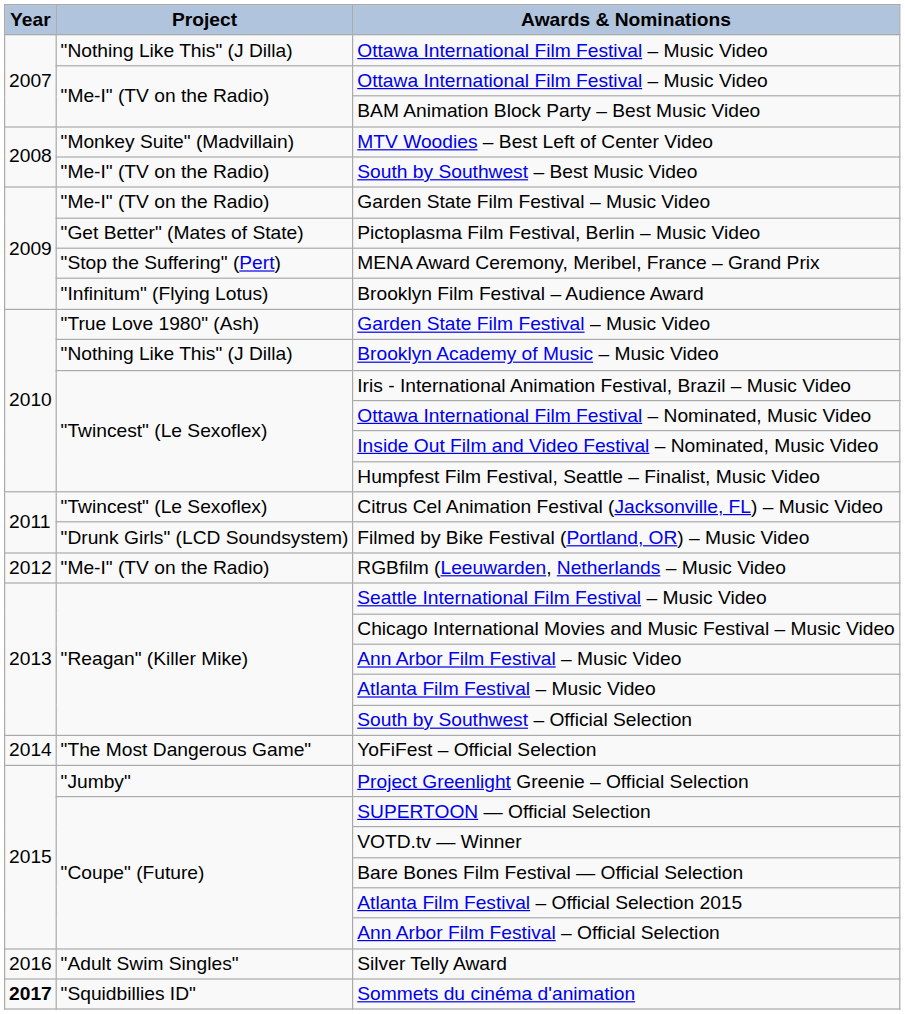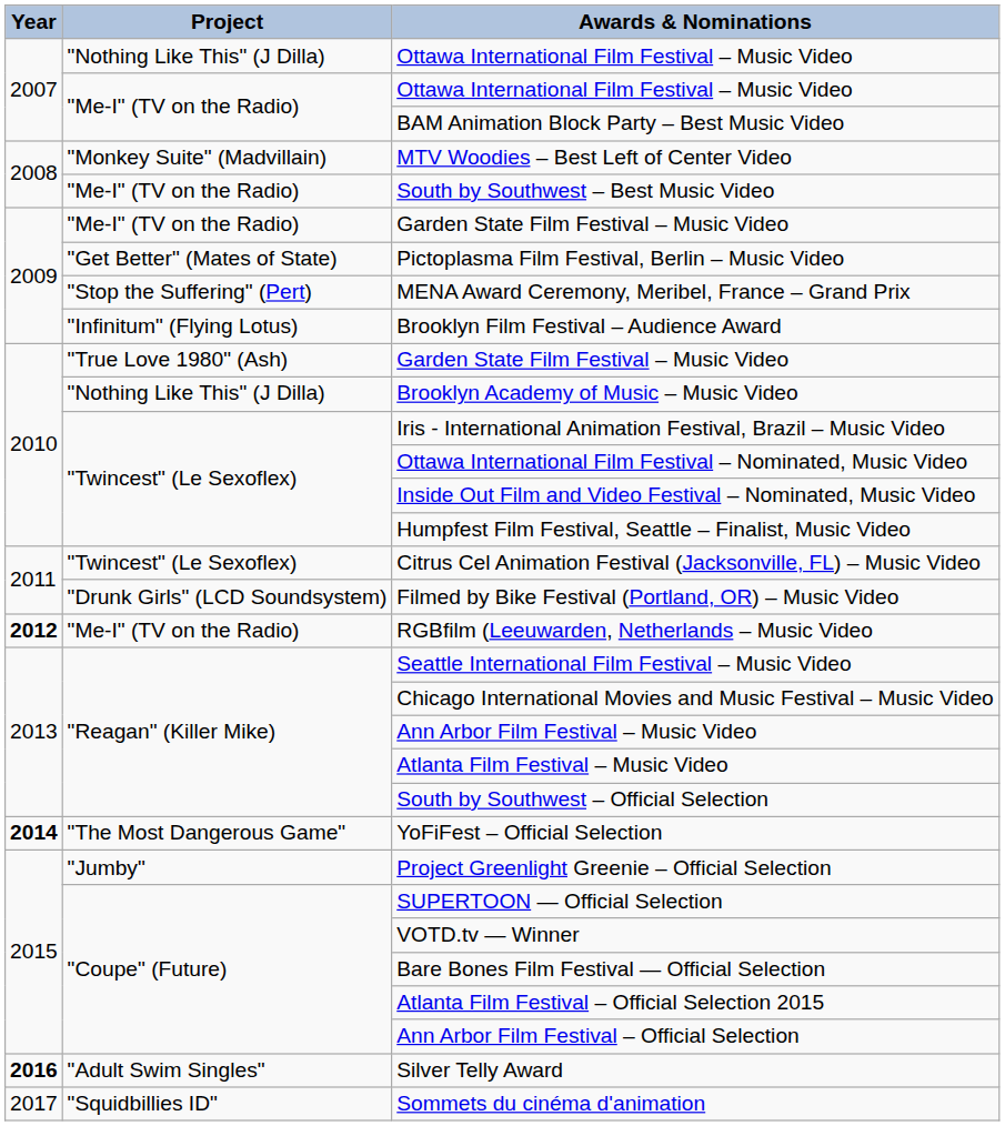 <table class="wikitable">
 <tr>
 <th style="background:#B0C4DE;">Year</th>
 <th style="background:#B0C4DE;">Project</th>
 <th style="background:#B0C4DE;">Awards & Nominations</th>
 </tr>
 <tr>
 <td rowspan="3">2007</td>
 <td>"Nothing Like This" (J Dilla)</td>
 <td><a href='#'>Ottawa International Film Festival</a> – Music Video</td>
 </tr>
 <tr>
 <td rowspan="2">"Me-I" (TV on the Radio)</td>
 <td><a href='#'>Ottawa International Film Festival</a> – Music Video</td>
 </tr>
 <tr>
 <td>BAM Animation Block Party – Best Music Video</td>
 </tr>
 <tr>
 <td rowspan="2">2008</td>
 <td>"Monkey Suite" (Madvillain)</td>
 <td><a href='#'>MTV Woodies</a> – Best Left of Center Video</td>
 </tr>
 <tr>
 <td>"Me-I" (TV on the Radio)</td>
 <td><a href='#'>South by Southwest</a> – Best Music Video</td>
 </tr>
 <tr>
 <td rowspan="4">2009</td>
 <td>"Me-I" (TV on the Radio)</td>
 <td>Garden State Film Festival – Music Video</td>
 </tr>
 <tr>
 <td>"Get Better" (Mates of State)</td>
 <td>Pictoplasma Film Festival, Berlin – Music Video</td>
 </tr>
 <tr>
 <td>"Stop the Suffering" (<a href='#'>Pert</a>) </td>
 <td>MENA Award Ceremony, Meribel, France – Grand Prix</td>
 </tr>
 <tr>
 <td>"Infinitum" (Flying Lotus)</td>
 <td>Brooklyn Film Festival – Audience Award</td>
 </tr>
 <tr>
 <td rowspan="6">2010</td>
 <td>"True Love 1980" (Ash)</td>
 <td><a href='#'>Garden State Film Festival</a> – Music Video</td>
 </tr>
 <tr>
 <td>"Nothing Like This" (J Dilla)</td>
 <td><a href='#'>Brooklyn Academy of Music</a> – Music Video</td>
 </tr>
 <tr>
 <td rowspan="4">"Twincest" (Le Sexoflex)</td>
 <td>Iris - International Animation Festival, Brazil – Music Video</td>
 </tr>
 <tr>
 <td><a href='#'>Ottawa International Film Festival</a>  – Nominated, Music Video</td>
 </tr>
 <tr>
 <td><a href='#'>Inside Out Film and Video Festival</a> – Nominated, Music Video</td>
 </tr>
 <tr>
 <td>Humpfest Film Festival, Seattle – Finalist, Music Video</td>
 </tr>
 <tr>
 <td rowspan="2">2011</td>
 <td>"Twincest" (Le Sexoflex)</td>
 <td>Citrus Cel Animation Festival (<a href='#'>Jacksonville, FL</a>) – Music Video</td>
 </tr>
 <tr>
 <td>"Drunk Girls" (LCD Soundsystem)</td>
 <td>Filmed by Bike Festival (<a href='#'>Portland, OR</a>) – Music Video</td>
 </tr>
 <tr>
-<td>2012</td>
+<td><strong>2012</strong></td>
 <td>"Me-I" (TV on the Radio)</td>
 <td>RGBfilm (<a href='#'>Leeuwarden</a>, <a href='#'>Netherlands</a> – Music Video</td>
 </tr>
 <tr>
 <td rowspan="5">2013</td>
 <td rowspan="5">"Reagan" (Killer Mike)</td>
 <td><a href='#'>Seattle International Film Festival</a> – Music Video</td>
 </tr>
 <tr>
 <td>Chicago International Movies and Music Festival – Music Video</td>
 </tr>
 <tr>
 <td><a href='#'>Ann Arbor Film Festival</a> – Music Video</td>
 </tr>
 <tr>
 <td><a href='#'>Atlanta Film Festival</a> – Music Video</td>
 </tr>
 <tr>
 <td><a href='#'>South by Southwest</a> – Official Selection</td>
 </tr>
 <tr>
-<td>2014</td>
+<td><strong>2014</strong></td>
 <td>"The Most Dangerous Game"</td>
 <td>YoFiFest – Official Selection</td>
 </tr>
 <tr>
 <td rowspan="6">2015</td>
 <td>"Jumby"</td>
 <td><a href='#'>Project Greenlight</a> Greenie – Official Selection</td>
 </tr>
 <tr>
 <td rowspan="5">"Coupe" (Future)</td>
 <td><a href='#'>SUPERTOON</a> — Official Selection</td>
 </tr>
 <tr>
 <td>VOTD.tv — Winner</td>
 </tr>
 <tr>
 <td>Bare Bones Film Festival — Official Selection</td>
 </tr>
 <tr>
 <td><a href='#'>Atlanta Film Festival</a> – Official Selection 2015</td>
 </tr>
 <tr>
 <td><a href='#'>Ann Arbor Film Festival</a> – Official Selection</td>
 </tr>
 <tr>
-<td>2016</td>
+<td><strong>2016</strong></td>
 <td>"Adult Swim Singles"</td>
 <td>Silver Telly Award</td>
 </tr>
 <tr>
-<td><strong>2017</strong></td>
+<td>2017</td>
 <td>"Squidbillies ID"</td>
 <td><a href='#'>Sommets du cinéma d'animation</a></td>
 </tr>
 </table>
